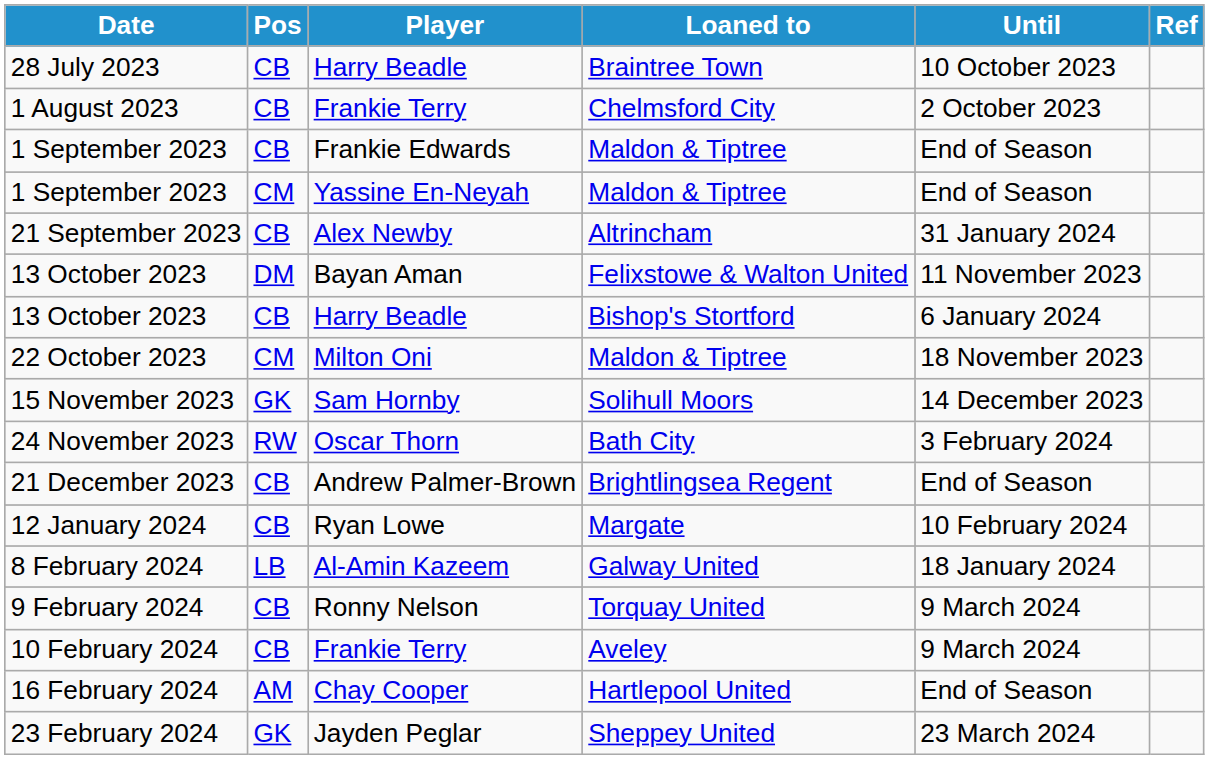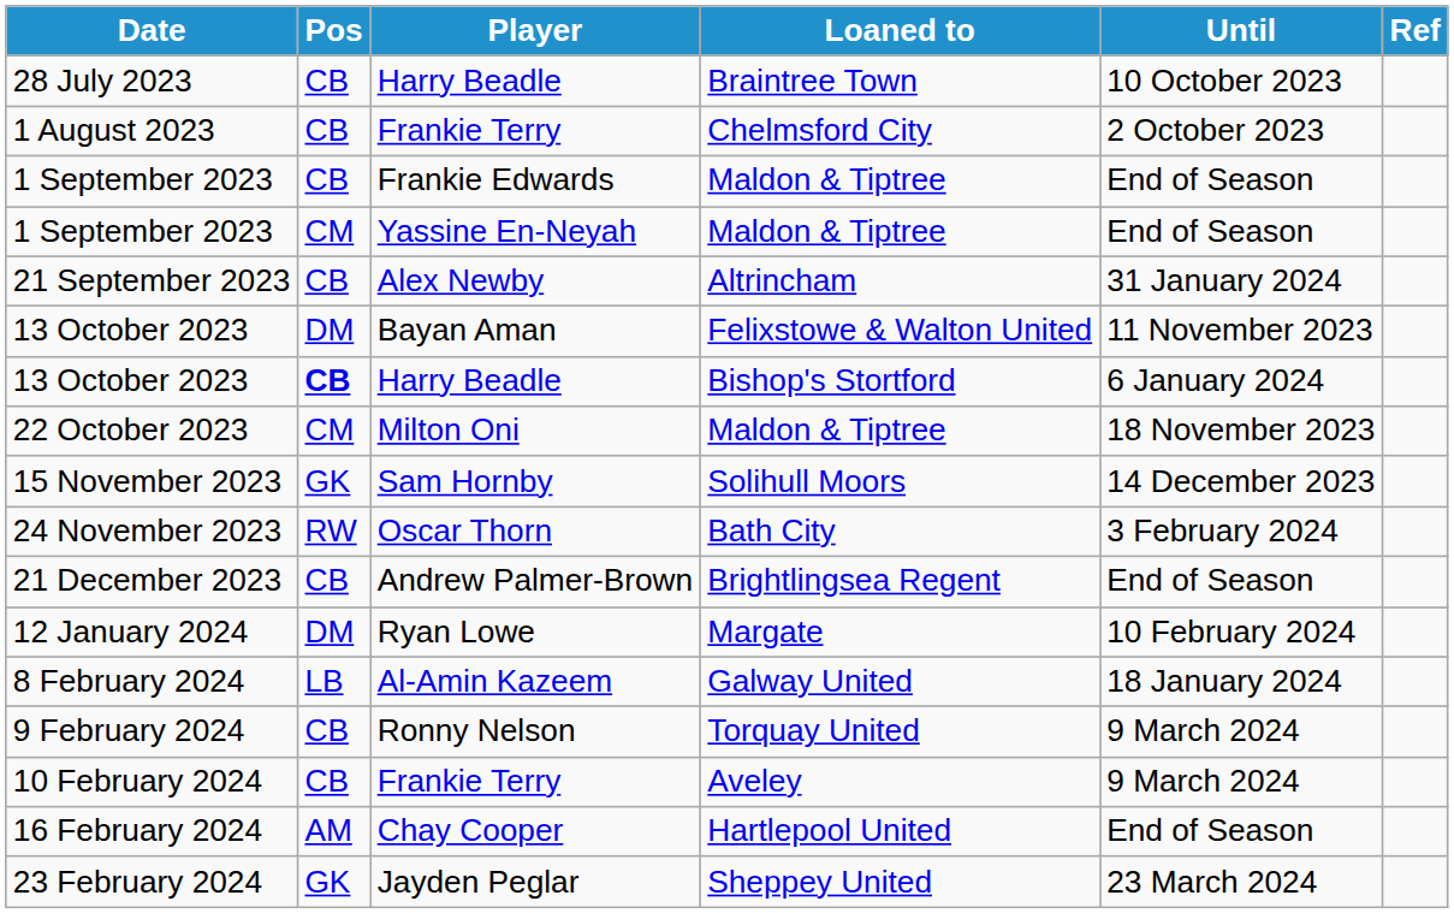 <table class="wikitable plainrowheaders sortable">
 <tr>
 <th style="background:#2191CC; color:#FFFFFF; ">Date</th>
 <th style="background:#2191CC; color:#FFFFFF; ">Pos</th>
 <th style="background:#2191CC; color:#FFFFFF; ">Player</th>
 <th style="background:#2191CC; color:#FFFFFF; ">Loaned to</th>
 <th style="background:#2191CC; color:#FFFFFF; ">Until</th>
 <th style="background:#2191CC; color:#FFFFFF; ">Ref</th>
 </tr>
 <tr>
 <td>28 July 2023</td>
 <td><a href='#'>CB</a></td>
 <td> <a href='#'>Harry Beadle</a></td>
 <td> <a href='#'>Braintree Town</a></td>
 <td>10 October 2023</td>
 <td></td>
 </tr>
 <tr>
 <td>1 August 2023</td>
 <td><a href='#'>CB</a></td>
 <td> <a href='#'>Frankie Terry</a></td>
 <td> <a href='#'>Chelmsford City</a></td>
 <td>2 October 2023</td>
 <td></td>
 </tr>
 <tr>
 <td>1 September 2023</td>
 <td><a href='#'>CB</a></td>
 <td> Frankie Edwards</td>
 <td> <a href='#'>Maldon & Tiptree</a></td>
 <td>End of Season</td>
 <td></td>
 </tr>
 <tr>
 <td>1 September 2023</td>
 <td><a href='#'>CM</a></td>
 <td> <a href='#'>Yassine En-Neyah</a></td>
 <td> <a href='#'>Maldon & Tiptree</a></td>
 <td>End of Season</td>
 <td></td>
 </tr>
 <tr>
 <td>21 September 2023</td>
 <td><a href='#'>CB</a></td>
 <td> <a href='#'>Alex Newby</a></td>
 <td> <a href='#'>Altrincham</a></td>
 <td>31 January 2024</td>
 <td></td>
 </tr>
 <tr>
 <td>13 October 2023</td>
 <td><a href='#'>DM</a></td>
 <td> Bayan Aman</td>
 <td> <a href='#'>Felixstowe & Walton United</a></td>
 <td>11 November 2023</td>
 <td></td>
 </tr>
 <tr>
 <td>13 October 2023</td>
-<td><a href='#'>CB</a></td>
+<td><strong><a href='#'>CB</a></strong></td>
 <td> <a href='#'>Harry Beadle</a></td>
 <td> <a href='#'>Bishop's Stortford</a></td>
 <td>6 January 2024</td>
 <td></td>
 </tr>
 <tr>
 <td>22 October 2023</td>
 <td><a href='#'>CM</a></td>
 <td> <a href='#'>Milton Oni</a></td>
 <td> <a href='#'>Maldon & Tiptree</a></td>
 <td>18 November 2023</td>
 <td></td>
 </tr>
 <tr>
 <td>15 November 2023</td>
 <td><a href='#'>GK</a></td>
 <td> <a href='#'>Sam Hornby</a></td>
 <td> <a href='#'>Solihull Moors</a></td>
 <td>14 December 2023</td>
 <td></td>
 </tr>
 <tr>
 <td>24 November 2023</td>
 <td><a href='#'>RW</a></td>
 <td> <a href='#'>Oscar Thorn</a></td>
 <td> <a href='#'>Bath City</a></td>
 <td>3 February 2024</td>
 <td></td>
 </tr>
 <tr>
 <td>21 December 2023</td>
 <td><a href='#'>CB</a></td>
 <td> Andrew Palmer-Brown</td>
 <td> <a href='#'>Brightlingsea Regent</a></td>
 <td>End of Season</td>
 <td></td>
 </tr>
 <tr>
 <td>12 January 2024</td>
-<td><a href='#'>CB</a></td>
+<td><a href='#'>DM</a></td>
 <td> Ryan Lowe</td>
 <td> <a href='#'>Margate</a></td>
 <td>10 February 2024</td>
 <td></td>
 </tr>
 <tr>
 <td>8 February 2024</td>
 <td><a href='#'>LB</a></td>
 <td> <a href='#'>Al-Amin Kazeem</a></td>
 <td> <a href='#'>Galway United</a></td>
 <td>18 January 2024</td>
 <td></td>
 </tr>
 <tr>
 <td>9 February 2024</td>
 <td><a href='#'>CB</a></td>
 <td> Ronny Nelson</td>
 <td> <a href='#'>Torquay United</a></td>
 <td>9 March 2024</td>
 <td></td>
 </tr>
 <tr>
 <td>10 February 2024</td>
 <td><a href='#'>CB</a></td>
 <td> <a href='#'>Frankie Terry</a></td>
 <td> <a href='#'>Aveley</a></td>
 <td>9 March 2024</td>
 <td></td>
 </tr>
 <tr>
 <td>16 February 2024</td>
 <td><a href='#'>AM</a></td>
 <td> <a href='#'>Chay Cooper</a></td>
 <td> <a href='#'>Hartlepool United</a></td>
 <td>End of Season</td>
 <td></td>
 </tr>
 <tr>
 <td>23 February 2024</td>
 <td><a href='#'>GK</a></td>
 <td> Jayden Peglar</td>
 <td> <a href='#'>Sheppey United</a></td>
 <td>23 March 2024</td>
 <td></td>
 </tr>
 </table>
